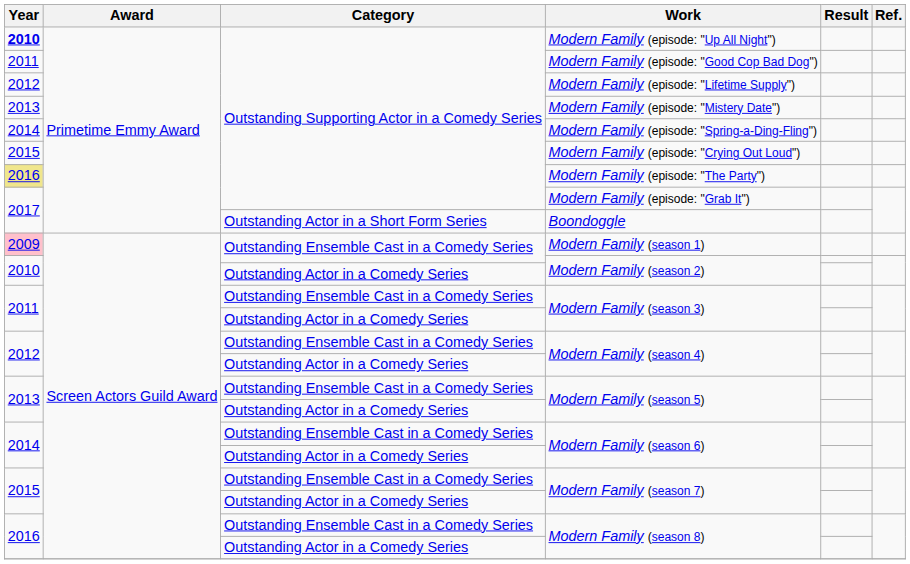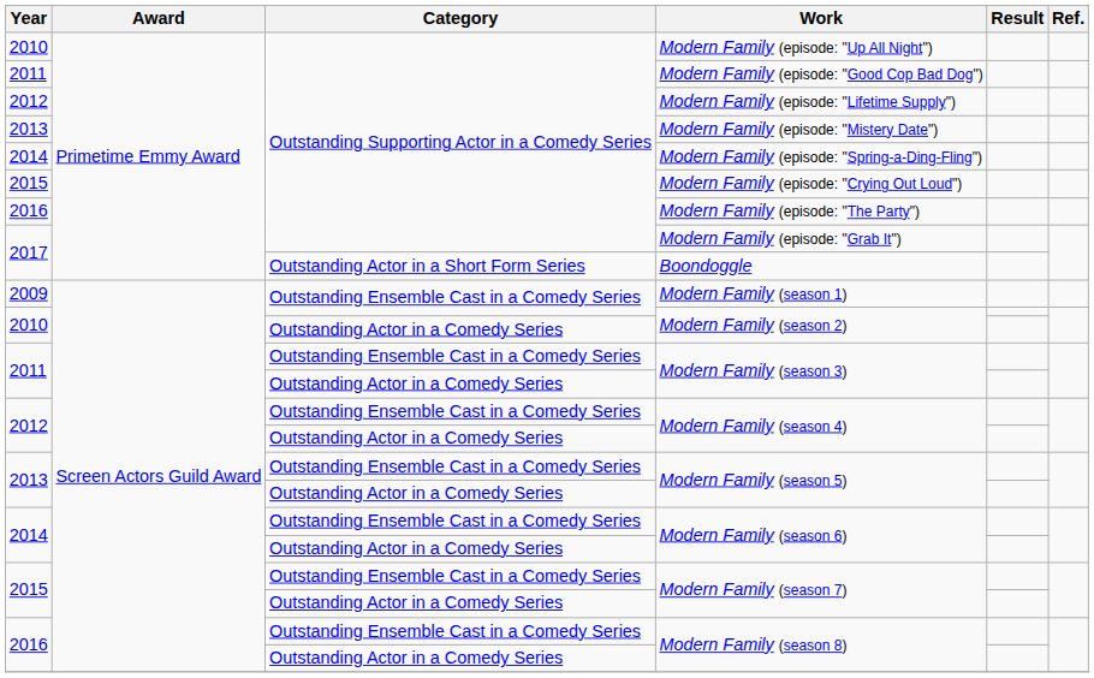 <table class="wikitable sortable">
 <tr>
 <th>Year</th>
 <th>Award</th>
 <th>Category</th>
 <th>Work</th>
 <th>Result</th>
 <th>Ref.</th>
 </tr>
 <tr>
-<td><strong><a href='#'>2010</a></strong></td>
+<td><a href='#'>2010</a></td>
 <td rowspan=9><a href='#'>Primetime Emmy Award</a></td>
 <td rowspan=8><a href='#'>Outstanding Supporting Actor in a Comedy Series</a></td>
 <td><em><a href='#'>Modern Family</a></em> <small> (episode: "<a href='#'>Up All Night</a>")</small></td>
 <td></td>
 <td></td>
 </tr>
 <tr>
 <td><a href='#'>2011</a></td>
 <td><em><a href='#'>Modern Family</a></em> <small> (episode: "<a href='#'>Good Cop Bad Dog</a>") </small></td>
 <td></td>
 <td></td>
 </tr>
 <tr>
 <td><a href='#'>2012</a></td>
 <td><em><a href='#'>Modern Family</a></em> <small> (episode: "<a href='#'>Lifetime Supply</a>") </small></td>
 <td></td>
 <td></td>
 </tr>
 <tr>
 <td><a href='#'>2013</a></td>
 <td><em><a href='#'>Modern Family</a></em> <small> (episode: "<a href='#'>Mistery Date</a>") </small></td>
 <td></td>
 <td></td>
 </tr>
 <tr>
 <td><a href='#'>2014</a></td>
 <td><em><a href='#'>Modern Family</a></em> <small> (episode: "<a href='#'>Spring-a-Ding-Fling</a>") </small></td>
 <td></td>
 <td></td>
 </tr>
 <tr>
 <td><a href='#'>2015</a></td>
 <td><em><a href='#'>Modern Family</a></em> <small> (episode: "<a href='#'>Crying Out Loud</a>") </small></td>
 <td></td>
 <td></td>
 </tr>
 <tr>
-<td style="background: khaki;"><a href='#'>2016</a></td>
+<td><a href='#'>2016</a></td>
 <td><em><a href='#'>Modern Family</a></em> <small> (episode: "<a href='#'>The Party</a>") </small></td>
 <td></td>
 <td></td>
 </tr>
 <tr>
 <td rowspan=2><a href='#'>2017</a></td>
 <td><em><a href='#'>Modern Family</a></em> <small> (episode: "<a href='#'>Grab It</a>") </small></td>
 <td></td>
 <td rowspan=2></td>
 </tr>
 <tr>
 <td><a href='#'>Outstanding Actor in a Short Form Series</a></td>
 <td><em><a href='#'>Boondoggle</a></em></td>
 <td></td>
 </tr>
 <tr>
-<td style="background: pink;"><a href='#'>2009</a></td>
+<td><a href='#'>2009</a></td>
 <td rowspan=15><a href='#'>Screen Actors Guild Award</a></td>
 <td rowspan=2><a href='#'>Outstanding Ensemble Cast in a Comedy Series</a></td>
 <td><em><a href='#'>Modern Family</a></em> <small>  (<a href='#'>season 1</a>) </small></td>
 <td></td>
 <td></td>
 </tr>
 <tr>
 <td rowspan=2><a href='#'>2010</a></td>
 <td rowspan=2><em><a href='#'>Modern Family</a></em> <small>  (<a href='#'>season 2</a>) </small></td>
 <td></td>
 <td rowspan=2></td>
 </tr>
 <tr>
 <td><a href='#'>Outstanding Actor in a Comedy Series</a></td>
 <td></td>
 </tr>
 <tr>
 <td rowspan=2><a href='#'>2011</a></td>
 <td><a href='#'>Outstanding Ensemble Cast in a Comedy Series</a></td>
 <td rowspan=2><em><a href='#'>Modern Family</a></em> <small>  (<a href='#'>season 3</a>) </small></td>
 <td></td>
 <td rowspan=2></td>
 </tr>
 <tr>
 <td><a href='#'>Outstanding Actor in a Comedy Series</a></td>
 <td></td>
 </tr>
 <tr>
 <td rowspan=2><a href='#'>2012</a></td>
 <td><a href='#'>Outstanding Ensemble Cast in a Comedy Series</a></td>
 <td rowspan=2><em><a href='#'>Modern Family</a></em> <small>  (<a href='#'>season 4</a>) </small></td>
 <td></td>
 <td rowspan=2></td>
 </tr>
 <tr>
 <td><a href='#'>Outstanding Actor in a Comedy Series</a></td>
 <td></td>
 </tr>
 <tr>
 <td rowspan=2><a href='#'>2013</a></td>
 <td><a href='#'>Outstanding Ensemble Cast in a Comedy Series</a></td>
 <td rowspan=2><em><a href='#'>Modern Family</a></em> <small>  (<a href='#'>season 5</a>) </small></td>
 <td></td>
 <td rowspan=2></td>
 </tr>
 <tr>
 <td><a href='#'>Outstanding Actor in a Comedy Series</a></td>
 <td></td>
 </tr>
 <tr>
 <td rowspan=2><a href='#'>2014</a></td>
 <td><a href='#'>Outstanding Ensemble Cast in a Comedy Series</a></td>
 <td rowspan=2><em><a href='#'>Modern Family</a></em> <small>  (<a href='#'>season 6</a>) </small></td>
 <td></td>
 <td rowspan=2></td>
 </tr>
 <tr>
 <td><a href='#'>Outstanding Actor in a Comedy Series</a></td>
 <td></td>
 </tr>
 <tr>
 <td rowspan=2><a href='#'>2015</a></td>
 <td><a href='#'>Outstanding Ensemble Cast in a Comedy Series</a></td>
 <td rowspan=2><em><a href='#'>Modern Family</a></em> <small>  (<a href='#'>season 7</a>) </small></td>
 <td></td>
 <td rowspan=2></td>
 </tr>
 <tr>
 <td><a href='#'>Outstanding Actor in a Comedy Series</a></td>
 <td></td>
 </tr>
 <tr>
 <td rowspan=2><a href='#'>2016</a></td>
 <td><a href='#'>Outstanding Ensemble Cast in a Comedy Series</a></td>
 <td rowspan=2><em><a href='#'>Modern Family</a></em> <small>  (<a href='#'>season 8</a>) </small></td>
 <td></td>
 <td rowspan=2></td>
 </tr>
 <tr>
 <td><a href='#'>Outstanding Actor in a Comedy Series</a></td>
 <td></td>
 </tr>
 <tr>
 </tr>
 </table>
